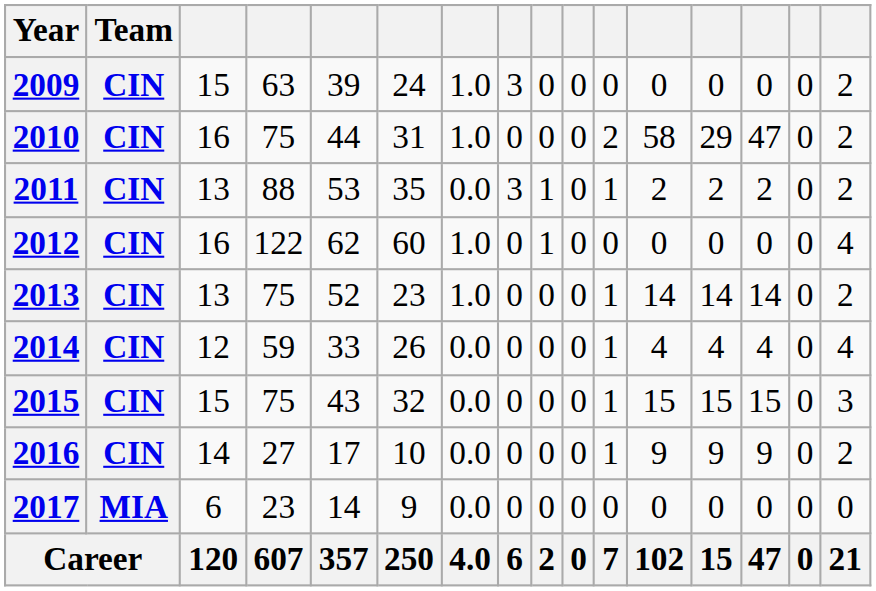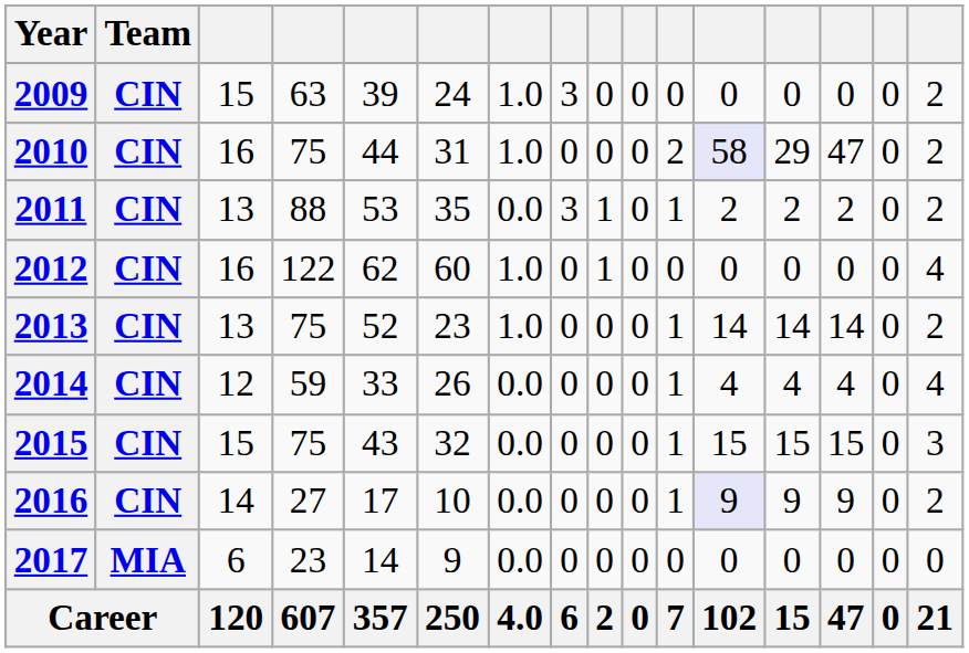 <table class="wikitable sortable" style="text-align:center">
 <tr>
 <th>Year</th>
 <th>Team</th>
 <th></th>
 <th></th>
 <th></th>
 <th></th>
 <th></th>
 <th></th>
 <th></th>
 <th></th>
 <th></th>
 <th></th>
 <th></th>
 <th></th>
 <th></th>
 <th></th>
 </tr>
 <tr>
 <th><a href='#'>2009</a></th>
 <th><a href='#'>CIN</a></th>
 <td>15</td>
 <td>63</td>
 <td>39</td>
 <td>24</td>
 <td>1.0</td>
 <td>3</td>
 <td>0</td>
 <td>0</td>
 <td>0</td>
 <td>0</td>
 <td>0</td>
 <td>0</td>
 <td>0</td>
 <td>2</td>
 </tr>
 <tr>
 <th><a href='#'>2010</a></th>
 <th><a href='#'>CIN</a></th>
 <td>16</td>
 <td>75</td>
 <td>44</td>
 <td>31</td>
 <td>1.0</td>
 <td>0</td>
 <td>0</td>
 <td>0</td>
 <td>2</td>
-<td>58</td>
+<td style="background: lavender;">58</td>
 <td>29</td>
 <td>47</td>
 <td>0</td>
 <td>2</td>
 </tr>
 <tr>
 <th><a href='#'>2011</a></th>
 <th><a href='#'>CIN</a></th>
 <td>13</td>
 <td>88</td>
 <td>53</td>
 <td>35</td>
 <td>0.0</td>
 <td>3</td>
 <td>1</td>
 <td>0</td>
 <td>1</td>
 <td>2</td>
 <td>2</td>
 <td>2</td>
 <td>0</td>
 <td>2</td>
 </tr>
 <tr>
 <th><a href='#'>2012</a></th>
 <th><a href='#'>CIN</a></th>
 <td>16</td>
 <td>122</td>
 <td>62</td>
 <td>60</td>
 <td>1.0</td>
 <td>0</td>
 <td>1</td>
 <td>0</td>
 <td>0</td>
 <td>0</td>
 <td>0</td>
 <td>0</td>
 <td>0</td>
 <td>4</td>
 </tr>
 <tr>
 <th><a href='#'>2013</a></th>
 <th><a href='#'>CIN</a></th>
 <td>13</td>
 <td>75</td>
 <td>52</td>
 <td>23</td>
 <td>1.0</td>
 <td>0</td>
 <td>0</td>
 <td>0</td>
 <td>1</td>
 <td>14</td>
 <td>14</td>
 <td>14</td>
 <td>0</td>
 <td>2</td>
 </tr>
 <tr>
 <th><a href='#'>2014</a></th>
 <th><a href='#'>CIN</a></th>
 <td>12</td>
 <td>59</td>
 <td>33</td>
 <td>26</td>
 <td>0.0</td>
 <td>0</td>
 <td>0</td>
 <td>0</td>
 <td>1</td>
 <td>4</td>
 <td>4</td>
 <td>4</td>
 <td>0</td>
 <td>4</td>
 </tr>
 <tr>
 <th><a href='#'>2015</a></th>
 <th><a href='#'>CIN</a></th>
 <td>15</td>
 <td>75</td>
 <td>43</td>
 <td>32</td>
 <td>0.0</td>
 <td>0</td>
 <td>0</td>
 <td>0</td>
 <td>1</td>
 <td>15</td>
 <td>15</td>
 <td>15</td>
 <td>0</td>
 <td>3</td>
 </tr>
 <tr>
 <th><a href='#'>2016</a></th>
 <th><a href='#'>CIN</a></th>
 <td>14</td>
 <td>27</td>
 <td>17</td>
 <td>10</td>
 <td>0.0</td>
 <td>0</td>
 <td>0</td>
 <td>0</td>
 <td>1</td>
-<td>9</td>
+<td style="background: lavender;">9</td>
 <td>9</td>
 <td>9</td>
 <td>0</td>
 <td>2</td>
 </tr>
 <tr>
 <th><a href='#'>2017</a></th>
 <th><a href='#'>MIA</a></th>
 <td>6</td>
 <td>23</td>
 <td>14</td>
 <td>9</td>
 <td>0.0</td>
 <td>0</td>
 <td>0</td>
 <td>0</td>
 <td>0</td>
 <td>0</td>
 <td>0</td>
 <td>0</td>
 <td>0</td>
 <td>0</td>
 </tr>
 <tr class="sortbottom">
 <th colspan="2">Career</th>
 <th>120</th>
 <th>607</th>
 <th>357</th>
 <th>250</th>
 <th>4.0</th>
 <th>6</th>
 <th>2</th>
 <th>0</th>
 <th>7</th>
 <th>102</th>
 <th>15</th>
 <th>47</th>
 <th>0</th>
 <th>21</th>
 </tr>
 </table>
